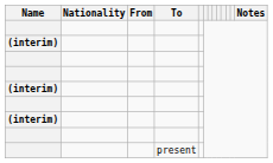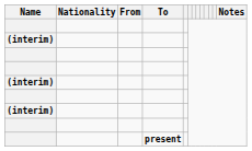 <table class="wikitable plainrowheaders sortable">
 <tr>
 <th scope="col">Name</th>
 <th scope="col">Nationality</th>
 <th scope="col">From</th>
 <th scope="col">To</th>
 <th scope="col"></th>
 <th scope="col"></th>
 <th scope="col"></th>
 <th scope="col"></th>
 <th scope="col"></th>
 <th scope="col"></th>
 <th scope="col"></th>
 <th scope="col"></th>
 <th scope="col" class="unsortable">Notes</th>
 </tr>
 <tr>
 <th scope="row"></th>
 <td></td>
 <td></td>
 <td><br></td>
 <td></td>
 </tr>
 <tr>
 <th scope="row"> (interim)</th>
 <td></td>
 <td></td>
 <td><br></td>
 <td></td>
 </tr>
 <tr>
 <th scope="row"></th>
 <td></td>
 <td></td>
 <td><br></td>
 <td></td>
 </tr>
 <tr>
 <th scope="row"></th>
 <td></td>
 <td></td>
 <td><br></td>
 <td></td>
 </tr>
 <tr>
 <th scope="row"> (interim)</th>
 <td></td>
 <td></td>
 <td><br></td>
 <td></td>
 </tr>
 <tr>
 <th scope="row"></th>
 <td></td>
 <td></td>
 <td><br></td>
 <td></td>
 </tr>
 <tr>
 <th scope="row"> (interim)</th>
 <td></td>
 <td></td>
 <td><br></td>
 <td></td>
 </tr>
 <tr>
 <th scope="row"></th>
 <td></td>
 <td></td>
 <td><br></td>
 <td></td>
 </tr>
 <tr>
 <th scope="row"></th>
 <td></td>
 <td></td>
-<td>present<br></td>
+<td><strong>present<br></strong></td>
 <td></td>
 </tr>
 </table>
